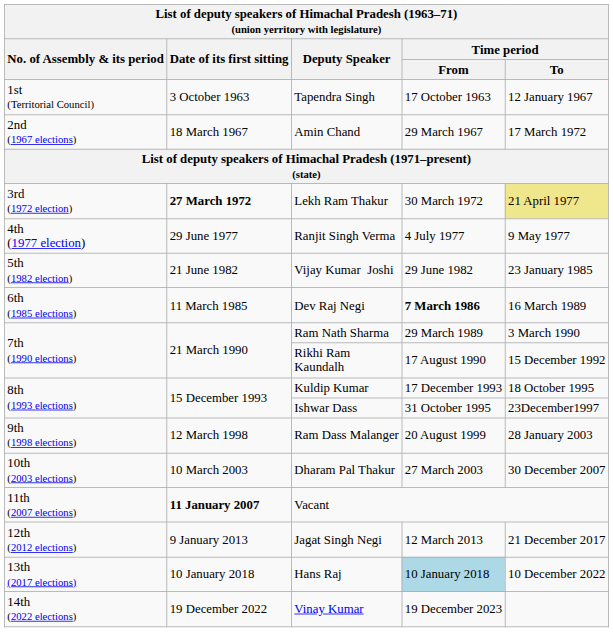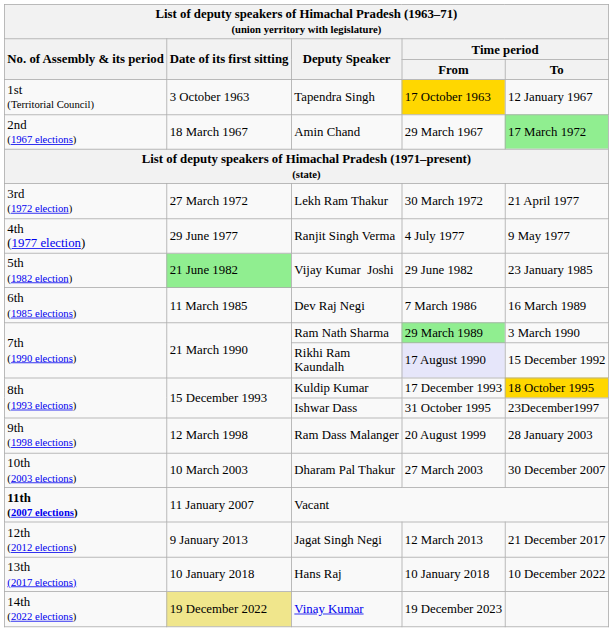 <table class="wikitable">
 <tr>
 <th colspan="5">List of deputy speakers of Himachal Pradesh (1963–71)<br><small>(union yerritory with legislature)</small></th>
 </tr>
 <tr>
 <th rowspan="2">No. of Assembly & its period</th>
 <th rowspan="2">Date of its first sitting</th>
 <th rowspan="2">Deputy Speaker</th>
 <th colspan="2">Time period</th>
 </tr>
 <tr>
 <th>From</th>
 <th>To</th>
 </tr>
 <tr>
 <td>1st<br><small>(Territorial Council)</small></td>
 <td>3 October 1963</td>
 <td>Tapendra Singh</td>
-<td>17 October 1963</td>
+<td style="background: gold;">17 October 1963</td>
 <td>12 January 1967</td>
 </tr>
 <tr>
 <td>2nd<br><small>(<a href='#'>1967 elections</a>)</small></td>
 <td>18 March 1967</td>
 <td>Amin Chand</td>
 <td>29 March 1967</td>
-<td>17 March 1972</td>
+<td style="background: lightgreen;">17 March 1972</td>
 </tr>
 <tr>
 <th colspan="5">List of deputy speakers of Himachal Pradesh (1971–present)<br><small>(state)</small></th>
 </tr>
 <tr>
 <td>3rd<br><small>(<a href='#'>1972 election</a>)</small></td>
-<td><strong>27 March 1972</strong></td>
+<td>27 March 1972</td>
 <td>Lekh Ram Thakur</td>
 <td>30 March 1972</td>
-<td style="background: khaki;">21 April 1977</td>
+<td>21 April 1977</td>
 </tr>
 <tr>
 <td>4th<br>(<a href='#'>1977 election</a>)</td>
 <td>29 June 1977</td>
 <td>Ranjit Singh Verma</td>
 <td>4 July 1977</td>
 <td>9 May 1977</td>
 </tr>
 <tr>
 <td>5th<br><small>(<a href='#'>1982 election</a>)</small></td>
-<td>21 June 1982</td>
+<td style="background: lightgreen;">21 June 1982</td>
 <td>Vijay Kumar  Joshi</td>
 <td>29 June 1982</td>
 <td>23 January 1985</td>
 </tr>
 <tr>
 <td>6th<br><small>(<a href='#'>1985 elections</a>)</small></td>
 <td>11 March 1985</td>
 <td>Dev Raj Negi</td>
-<td><strong>7 March 1986</strong></td>
+<td>7 March 1986</td>
 <td>16 March 1989</td>
 </tr>
 <tr>
 <td rowspan="2">7th<br><small>(<a href='#'>1990 elections</a>)</small></td>
 <td rowspan="2">21 March 1990</td>
 <td>Ram Nath Sharma</td>
-<td>29 March 1989</td>
+<td style="background: lightgreen;">29 March 1989</td>
 <td>3 March 1990</td>
 </tr>
 <tr>
 <td>Rikhi Ram<br>Kaundalh</td>
-<td>17 August 1990</td>
+<td style="background: lavender;">17 August 1990</td>
 <td>15 December 1992</td>
 </tr>
 <tr>
 <td rowspan="2">8th<br><small>(<a href='#'>1993 elections</a>)</small></td>
 <td rowspan="2">15 December 1993</td>
 <td>Kuldip Kumar</td>
 <td>17 December 1993</td>
-<td>18 October 1995</td>
+<td style="background: gold;">18 October 1995</td>
 </tr>
 <tr>
 <td>Ishwar Dass</td>
 <td>31 October 1995</td>
 <td>23December1997</td>
 </tr>
 <tr>
 <td>9th<br><small>(<a href='#'>1998 elections</a>)</small></td>
 <td>12 March 1998</td>
 <td>Ram Dass Malanger</td>
 <td>20 August 1999</td>
 <td>28 January 2003</td>
 </tr>
 <tr>
 <td>10th<br><small>(<a href='#'>2003 elections</a>)</small></td>
 <td>10 March 2003</td>
 <td>Dharam Pal Thakur</td>
 <td>27 March 2003</td>
 <td>30 December 2007</td>
 </tr>
 <tr>
-<td>11th<br><small>(<a href='#'>2007 elections</a>)</small></td>
-<td><strong>11 January 2007</strong></td>
+<td><strong>11th<br><small>(<a href='#'>2007 elections</a>)</small></strong></td>
+<td>11 January 2007</td>
 <td colspan="3">Vacant</td>
 </tr>
 <tr>
 <td>12th<br><small>(<a href='#'>2012 elections</a>)</small></td>
 <td>9 January 2013</td>
 <td>Jagat Singh Negi</td>
 <td>12 March 2013</td>
 <td>21 December 2017</td>
 </tr>
 <tr>
 <td>13th<br><small><a href='#'>(2017 elections)</a></small></td>
 <td>10 January 2018</td>
 <td>Hans Raj</td>
-<td style="background: lightblue;">10 January 2018</td>
+<td>10 January 2018</td>
 <td>10 December 2022</td>
 </tr>
 <tr>
 <td>14th<br><small>(<a href='#'>2022 elections</a>)</small></td>
-<td>19 December 2022</td>
+<td style="background: khaki;">19 December 2022</td>
 <td><a href='#'>Vinay Kumar</a></td>
 <td>19 December 2023</td>
 <td></td>
 </tr>
 </table>
